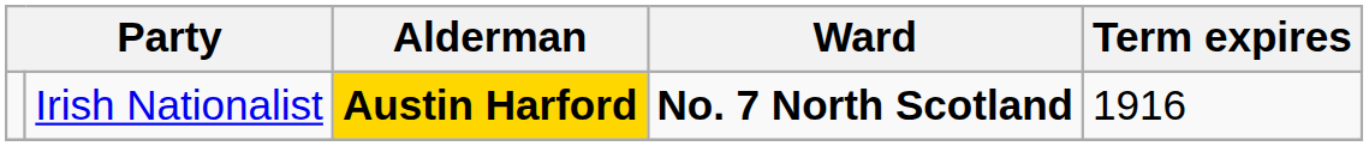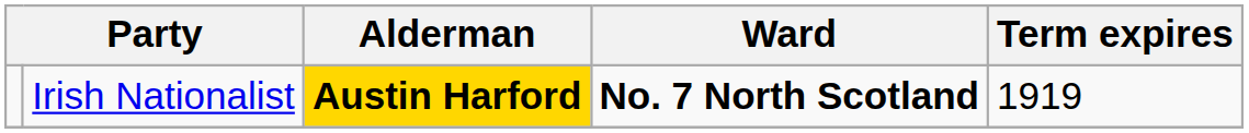 <table class="wikitable">
 <tr>
 <th colspan="2">Party</th>
 <th>Alderman</th>
 <th>Ward</th>
 <th>Term expires</th>
 </tr>
 <tr>
 <td style="background-color:"></td>
 <td><a href='#'>Irish Nationalist</a></td>
 <td style="background: gold;"><strong>Austin Harford</strong></td>
 <td><strong>No. 7 North Scotland</strong></td>
-<td>1916</td>
+<td>1919</td>
 </tr>
 <tr>
 </tr>
 </table>
